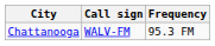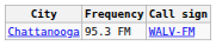 <table class="wikitable">
 <tr>
 <th>City</th>
+<th>Frequency</th>
 <th>Call sign</th>
-<th>Frequency</th>
 </tr>
 <tr>
 <td><a href='#'>Chattanooga</a></td>
+<td>95.3 FM</td>
 <td><a href='#'>WALV-FM</a></td>
-<td>95.3 FM</td>
 </tr>
 </table>
